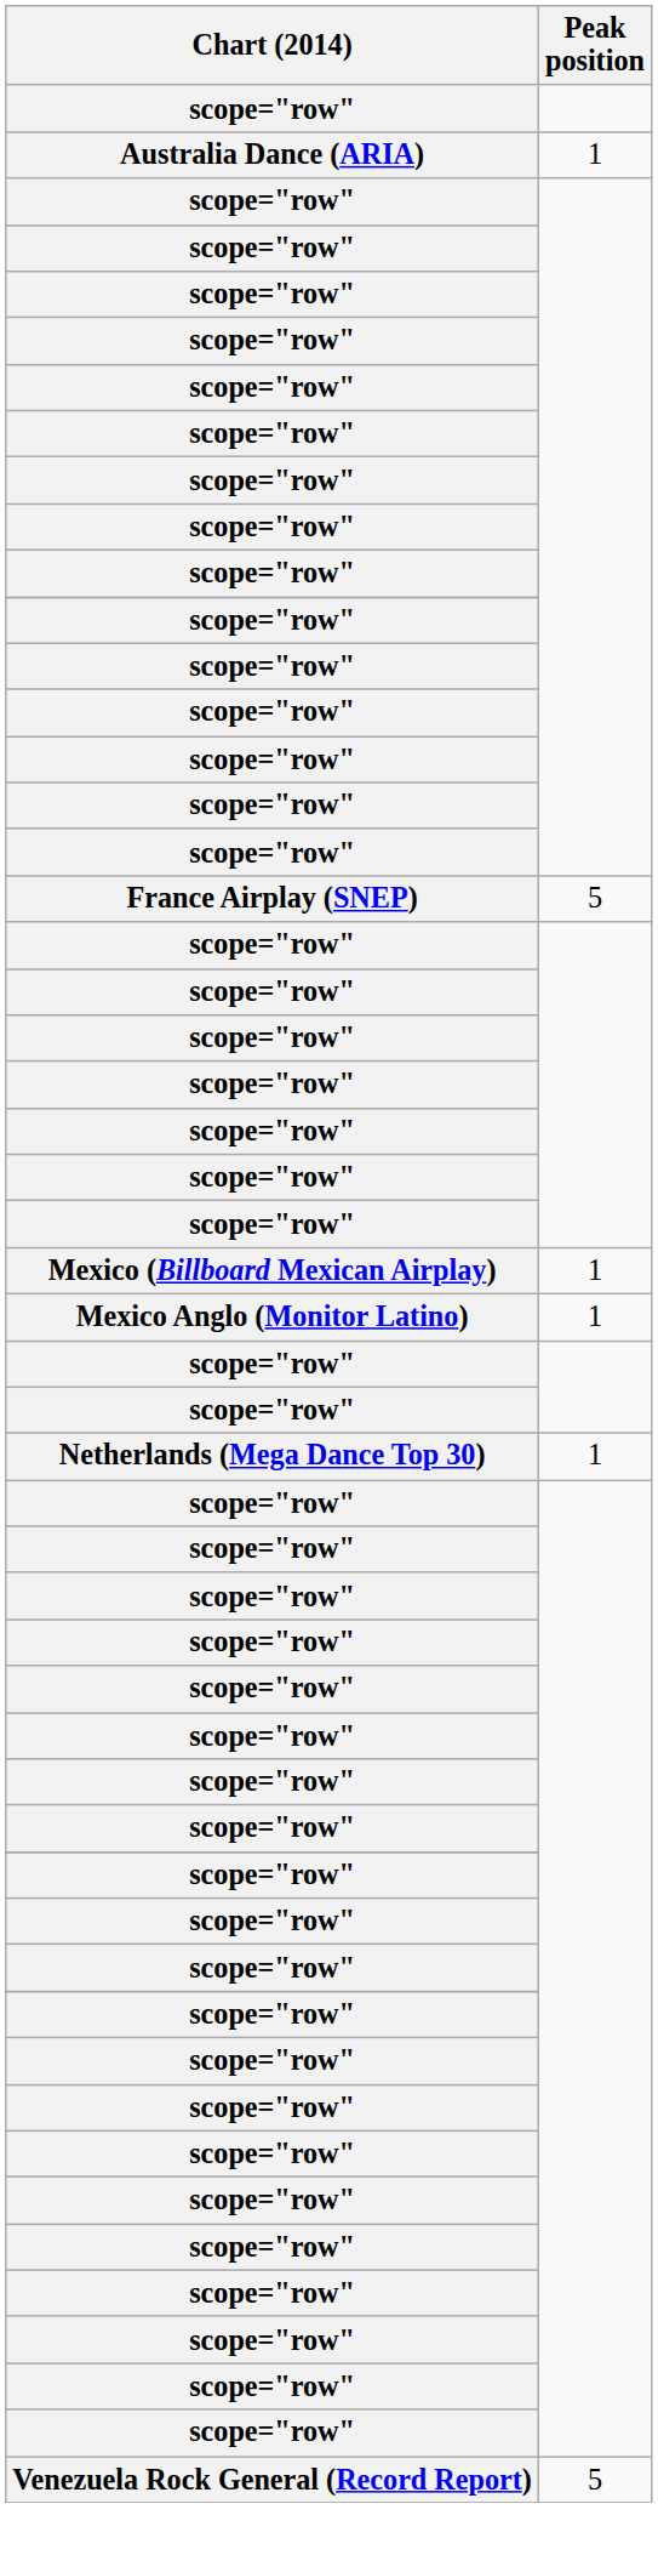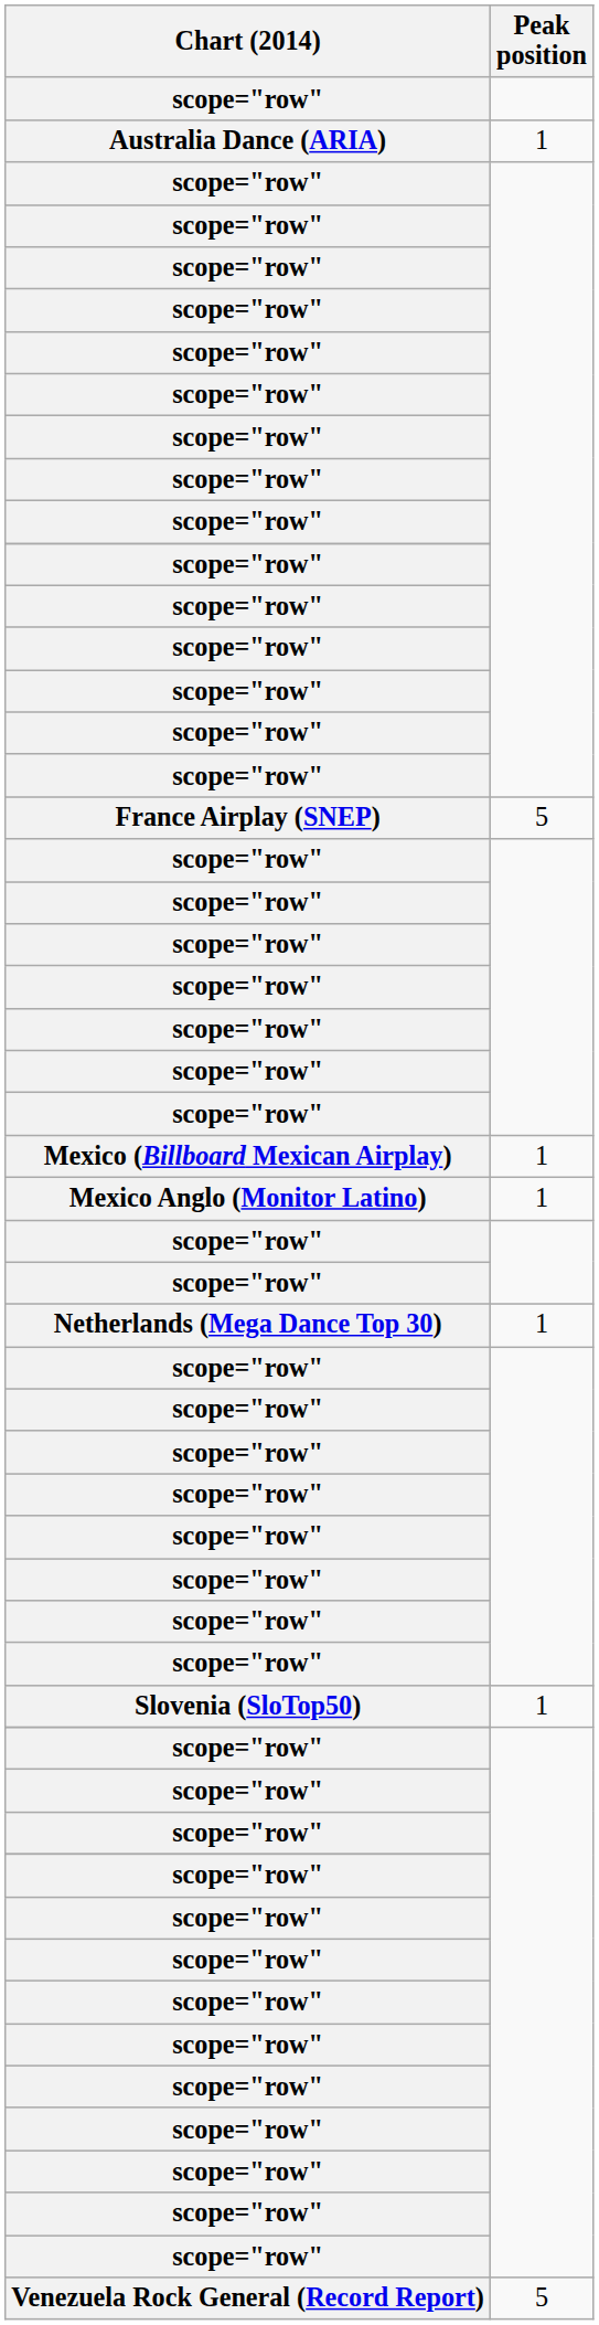 <table class="wikitable sortable plainrowheaders" style="text-align:center">
 <tr>
 <th scope="col">Chart (2014)</th>
 <th scope="col">Peak<br>position</th>
 </tr>
 <tr>
 <th>scope="row"</th>
 </tr>
 <tr>
 <th scope="row">Australia Dance (<a href='#'>ARIA</a>)</th>
 <td>1</td>
 </tr>
 <tr>
 <th>scope="row"</th>
 </tr>
 <tr>
 <th>scope="row"</th>
 </tr>
 <tr>
 <th>scope="row"</th>
 </tr>
 <tr>
 <th>scope="row"</th>
 </tr>
 <tr>
 <th>scope="row"</th>
 </tr>
 <tr>
 <th>scope="row"</th>
 </tr>
 <tr>
 <th>scope="row"</th>
 </tr>
 <tr>
 <th>scope="row"</th>
 </tr>
 <tr>
 <th>scope="row"</th>
 </tr>
 <tr>
 </tr>
 <tr>
 <th>scope="row"</th>
 </tr>
 <tr>
 <th>scope="row"</th>
 </tr>
 <tr>
 <th>scope="row"</th>
 </tr>
 <tr>
 <th>scope="row"</th>
 </tr>
 <tr>
 <th>scope="row"</th>
 </tr>
 <tr>
 <th>scope="row"</th>
 </tr>
 <tr>
 <th scope="row">France Airplay (<a href='#'>SNEP</a>)</th>
 <td>5</td>
 </tr>
 <tr>
 <th>scope="row"</th>
 </tr>
 <tr>
 <th>scope="row"</th>
 </tr>
 <tr>
 <th>scope="row"</th>
 </tr>
 <tr>
 <th>scope="row"</th>
 </tr>
 <tr>
 <th>scope="row"</th>
 </tr>
 <tr>
 <th>scope="row"</th>
 </tr>
 <tr>
 <th>scope="row"</th>
 </tr>
 <tr>
 <th scope="row">Mexico (<a href='#'><em>Billboard</em> Mexican Airplay</a>)</th>
 <td>1</td>
 </tr>
 <tr>
 <th scope="row">Mexico Anglo (<a href='#'>Monitor Latino</a>)</th>
 <td>1</td>
 </tr>
 <tr>
 <th>scope="row"</th>
 </tr>
 <tr>
 <th>scope="row"</th>
 </tr>
 <tr>
 <th scope="row">Netherlands (<a href='#'>Mega Dance Top 30</a>)</th>
 <td>1</td>
 </tr>
 <tr>
 <th>scope="row"</th>
 </tr>
 <tr>
 <th>scope="row"</th>
 </tr>
 <tr>
 <th>scope="row"</th>
 </tr>
 <tr>
 <th>scope="row"</th>
 </tr>
 <tr>
 <th>scope="row"</th>
 </tr>
 <tr>
 <th>scope="row"</th>
 </tr>
 <tr>
 <th>scope="row"</th>
 </tr>
 <tr>
 <th>scope="row"</th>
 </tr>
 <tr>
+<th scope="row">Slovenia (<a href='#'>SloTop50</a>)</th>
+<td align=center>1</td>
+</tr>
+<tr>
 </tr>
 <tr>
 <th>scope="row"</th>
 </tr>
 <tr>
 <th>scope="row"</th>
 </tr>
 <tr>
 <th>scope="row"</th>
 </tr>
 <tr>
 </tr>
 <tr>
 <th>scope="row"</th>
 </tr>
 <tr>
 <th>scope="row"</th>
 </tr>
 <tr>
 <th>scope="row"</th>
 </tr>
 <tr>
 <th>scope="row"</th>
 </tr>
 <tr>
 <th>scope="row"</th>
 </tr>
 <tr>
 <th>scope="row"</th>
 </tr>
 <tr>
 <th>scope="row"</th>
 </tr>
 <tr>
 <th>scope="row"</th>
 </tr>
 <tr>
 <th>scope="row"</th>
 </tr>
 <tr>
 <th>scope="row"</th>
 </tr>
 <tr>
 <th scope="row">Venezuela Rock General (<a href='#'>Record Report</a>)</th>
 <td>5</td>
 </tr>
 </table>
